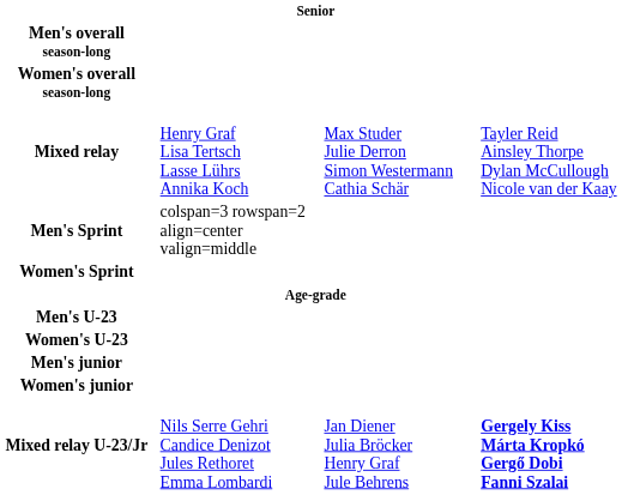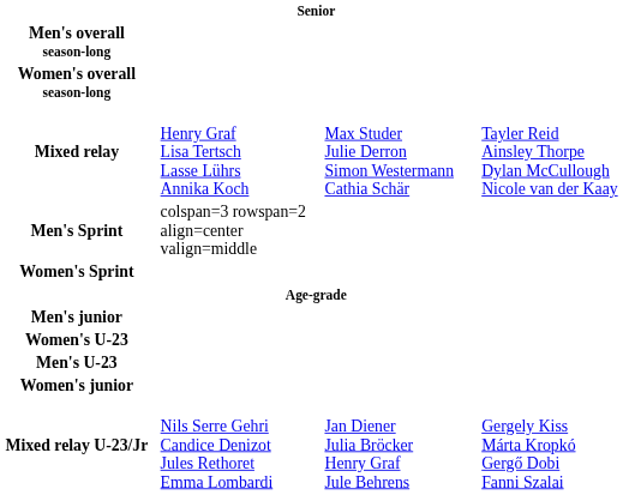 <table>
 <tr>
 <th colspan=4><small>Senior</small></th>
 </tr>
 <tr>
 <th width=250>Men's overall<br><small>season-long</small></th>
 <td align=left width=220></td>
 <td align=left width=220></td>
 <td align=left width=220></td>
 </tr>
 <tr>
 <th>Women's overall <br><small>season-long</small></th>
 <td width=220></td>
 <td width=220></td>
 <td width=220></td>
 </tr>
 <tr>
 <th>Mixed relay</th>
 <td><br><a href='#'>Henry Graf</a><br><a href='#'>Lisa Tertsch</a><br><a href='#'>Lasse Lührs</a><br><a href='#'>Annika Koch</a></td>
 <td><br><a href='#'>Max Studer</a><br><a href='#'>Julie Derron</a><br><a href='#'>Simon Westermann</a><br><a href='#'>Cathia Schär</a></td>
 <td><br><a href='#'>Tayler Reid</a><br><a href='#'>Ainsley Thorpe</a> <br><a href='#'>Dylan McCullough</a><br><a href='#'>Nicole van der Kaay</a></td>
 </tr>
 <tr>
 <th>Men's Sprint</th>
 <td>colspan=3 rowspan=2 align=center valign=middle <em></em></td>
 </tr>
 <tr>
 <th>Women's Sprint</th>
 </tr>
 <tr>
 <th colspan=4><small>Age-grade</small></th>
 </tr>
 <tr>
-<th>Men's U-23</th>
+<th>Men's junior</th>
 <td align=left width=220></td>
 <td align=left width=220></td>
 <td align=left width=220></td>
 </tr>
 <tr>
 <th>Women's U-23</th>
 <td align=left width=220></td>
 <td align=left width=220></td>
 <td align=left width=220></td>
 </tr>
 <tr>
-<th>Men's junior</th>
+<th>Men's U-23</th>
 <td align=left width=220></td>
 <td align=left width=220></td>
 <td align=left width=220></td>
 </tr>
 <tr>
 <th>Women's junior</th>
 <td align=left width=220></td>
 <td align=left width=220></td>
 <td align=left width=220></td>
 </tr>
 <tr>
 <th>Mixed relay U-23/Jr</th>
 <td align=left width=220><br><a href='#'>Nils Serre Gehri</a><br><a href='#'>Candice Denizot</a><br><a href='#'>Jules Rethoret</a><br><a href='#'>Emma Lombardi</a></td>
 <td align=left width=220><br><a href='#'>Jan Diener</a><br><a href='#'>Julia Bröcker</a><br><a href='#'>Henry Graf</a><br><a href='#'>Jule Behrens</a></td>
-<td align=left width=220><strong><br><a href='#'>Gergely Kiss</a><br><a href='#'>Márta Kropkó</a><br><a href='#'>Gergő Dobi</a><br><a href='#'>Fanni Szalai</a></strong></td>
+<td align=left width=220><br><a href='#'>Gergely Kiss</a><br><a href='#'>Márta Kropkó</a><br><a href='#'>Gergő Dobi</a><br><a href='#'>Fanni Szalai</a></td>
 </tr>
 </table>
